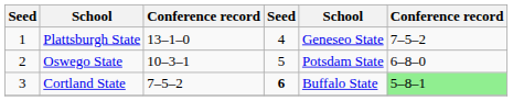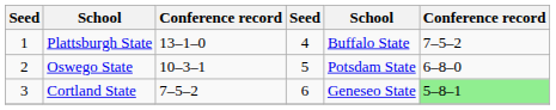 <table class="wikitable">
 <tr>
 <th>Seed</th>
 <th>School</th>
 <th>Conference record</th>
 <th>Seed</th>
 <th>School</th>
 <th>Conference record</th>
 </tr>
 <tr>
 <td align=center>1</td>
 <td><a href='#'>Plattsburgh State</a></td>
 <td>13–1–0</td>
 <td align=center>4</td>
-<td><a href='#'>Geneseo State</a></td>
+<td><a href='#'>Buffalo State</a></td>
 <td>7–5–2</td>
 </tr>
 <tr>
 <td align=center>2</td>
 <td><a href='#'>Oswego State</a></td>
 <td>10–3–1</td>
 <td align=center>5</td>
 <td><a href='#'>Potsdam State</a></td>
 <td>6–8–0</td>
 </tr>
 <tr>
 <td align=center>3</td>
 <td><a href='#'>Cortland State</a></td>
 <td>7–5–2</td>
-<td align=center><strong>6</strong></td>
-<td><a href='#'>Buffalo State</a></td>
+<td align=center>6</td>
+<td><a href='#'>Geneseo State</a></td>
 <td style="background: lightgreen;">5–8–1</td>
 </tr>
 <tr>
 </tr>
 </table>
